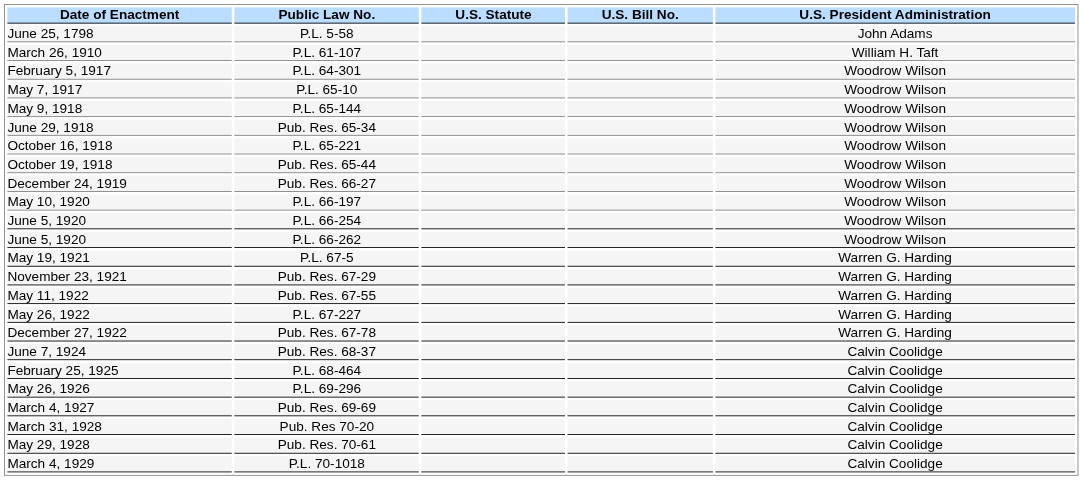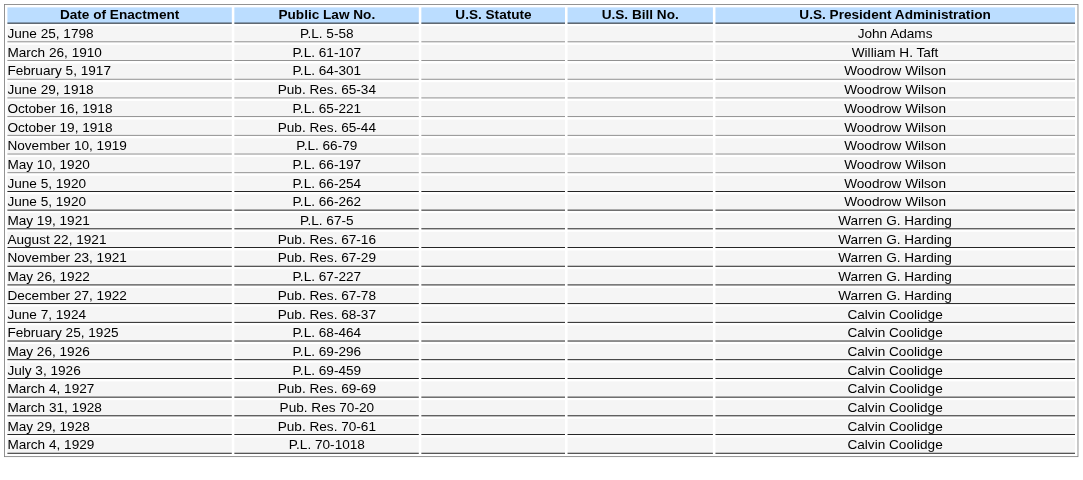 <table style="border:1px solid gray; align:left; width:100%" cellspacing=3 cellpadding=0>
 <tr style="font-weight:bold; text-align:center; background:#bbddff; color:black;">
 <th style=" border-bottom:1.5px solid black">Date of Enactment</th>
 <th style=" border-bottom:1.5px solid black">Public Law No.</th>
 <th style=" border-bottom:1.5px solid black">U.S. Statute</th>
 <th style=" border-bottom:1.5px solid black">U.S. Bill No.</th>
 <th style=" border-bottom:1.5px solid black">U.S. President Administration</th>
 </tr>
 <tr>
 <td style="border-bottom:1px solid gray; background:#F5F5F5;">June 25, 1798</td>
 <td style="border-bottom:1px solid gray; background:#F5F5F5; text-align:center;">P.L. 5-58</td>
 <td style="border-bottom:1px solid gray; background:#F5F5F5; text-align:center;"></td>
 <td style="border-bottom:1px solid gray; background:#F5F5F5; text-align:center;"></td>
 <td style="border-bottom:1px solid gray; background:#F5F5F5; text-align:center;">John Adams</td>
 </tr>
 <tr>
 <td style="border-bottom:1px solid gray; background:#F5F5F5;">March 26, 1910</td>
 <td style="border-bottom:1px solid gray; background:#F5F5F5; text-align:center;">P.L. 61-107</td>
 <td style="border-bottom:1px solid gray; background:#F5F5F5; text-align:center;"></td>
 <td style="border-bottom:1px solid gray; background:#F5F5F5; text-align:center;"></td>
 <td style="border-bottom:1px solid gray; background:#F5F5F5; text-align:center;">William H. Taft</td>
 </tr>
 <tr>
 <td style="border-bottom:1px solid gray; background:#F5F5F5;">February 5, 1917</td>
 <td style="border-bottom:1px solid gray; background:#F5F5F5; text-align:center;">P.L. 64-301</td>
 <td style="border-bottom:1px solid gray; background:#F5F5F5; text-align:center;"></td>
 <td style="border-bottom:1px solid gray; background:#F5F5F5; text-align:center;"></td>
 <td style="border-bottom:1px solid gray; background:#F5F5F5; text-align:center;">Woodrow Wilson</td>
 </tr>
 <tr>
-<td style="border-bottom:1px solid gray; background:#F5F5F5;">May 7, 1917</td>
-<td style="border-bottom:1px solid gray; background:#F5F5F5; text-align:center;">P.L. 65-10</td>
-<td style="border-bottom:1px solid gray; background:#F5F5F5; text-align:center;"></td>
-<td style="border-bottom:1px solid gray; background:#F5F5F5; text-align:center;"></td>
-<td style="border-bottom:1px solid gray; background:#F5F5F5; text-align:center;">Woodrow Wilson</td>
-</tr>
-<tr>
-<td style="border-bottom:1px solid gray; background:#F5F5F5;">May 9, 1918</td>
-<td style="border-bottom:1px solid gray; background:#F5F5F5; text-align:center;">P.L. 65-144</td>
-<td style="border-bottom:1px solid gray; background:#F5F5F5; text-align:center;"></td>
-<td style="border-bottom:1px solid gray; background:#F5F5F5; text-align:center;"></td>
-<td style="border-bottom:1px solid gray; background:#F5F5F5; text-align:center;">Woodrow Wilson</td>
-</tr>
-<tr>
 <td style="border-bottom:1px solid gray; background:#F5F5F5;">June 29, 1918</td>
 <td style="border-bottom:1px solid gray; background:#F5F5F5; text-align:center;">Pub. Res. 65-34</td>
 <td style="border-bottom:1px solid gray; background:#F5F5F5; text-align:center;"></td>
 <td style="border-bottom:1px solid gray; background:#F5F5F5; text-align:center;"></td>
 <td style="border-bottom:1px solid gray; background:#F5F5F5; text-align:center;">Woodrow Wilson</td>
 </tr>
 <tr>
 <td style="border-bottom:1px solid gray; background:#F5F5F5;">October 16, 1918</td>
 <td style="border-bottom:1px solid gray; background:#F5F5F5; text-align:center;">P.L. 65-221</td>
 <td style="border-bottom:1px solid gray; background:#F5F5F5; text-align:center;"></td>
 <td style="border-bottom:1px solid gray; background:#F5F5F5; text-align:center;"></td>
 <td style="border-bottom:1px solid gray; background:#F5F5F5; text-align:center;">Woodrow Wilson</td>
 </tr>
 <tr>
 <td style="border-bottom:1px solid gray; background:#F5F5F5;">October 19, 1918</td>
 <td style="border-bottom:1px solid gray; background:#F5F5F5; text-align:center;">Pub. Res. 65-44</td>
 <td style="border-bottom:1px solid gray; background:#F5F5F5; text-align:center;"></td>
 <td style="border-bottom:1px solid gray; background:#F5F5F5; text-align:center;"></td>
 <td style="border-bottom:1px solid gray; background:#F5F5F5; text-align:center;">Woodrow Wilson</td>
 </tr>
 <tr>
-<td style="border-bottom:1px solid gray; background:#F5F5F5;">December 24, 1919</td>
-<td style="border-bottom:1px solid gray; background:#F5F5F5; text-align:center;">Pub. Res. 66-27</td>
+<td style="border-bottom:1px solid gray; background:#F5F5F5;">November 10, 1919</td>
+<td style="border-bottom:1px solid gray; background:#F5F5F5; text-align:center;">P.L. 66-79</td>
 <td style="border-bottom:1px solid gray; background:#F5F5F5; text-align:center;"></td>
 <td style="border-bottom:1px solid gray; background:#F5F5F5; text-align:center;"></td>
 <td style="border-bottom:1px solid gray; background:#F5F5F5; text-align:center;">Woodrow Wilson</td>
 </tr>
 <tr>
 <td style="border-bottom:1px solid gray; background:#F5F5F5;">May 10, 1920</td>
 <td style="border-bottom:1px solid gray; background:#F5F5F5; text-align:center;">P.L. 66-197</td>
 <td style="border-bottom:1px solid gray; background:#F5F5F5; text-align:center;"></td>
 <td style="border-bottom:1px solid gray; background:#F5F5F5; text-align:center;"></td>
 <td style="border-bottom:1px solid gray; background:#F5F5F5; text-align:center;">Woodrow Wilson</td>
 </tr>
 <tr>
 <td style="border-bottom:1.5px solid black; background:#F5F5F5;">June 5, 1920</td>
 <td style="border-bottom:1.5px solid black; background:#F5F5F5; text-align:center;">P.L. 66-254</td>
 <td style="border-bottom:1.5px solid black; background:#F5F5F5; text-align:center;"></td>
 <td style="border-bottom:1.5px solid black; background:#F5F5F5; text-align:center;"></td>
 <td style="border-bottom:1.5px solid black; background:#F5F5F5; text-align:center;">Woodrow Wilson</td>
 </tr>
 <tr>
 <td style="border-bottom:1.5px solid black; background:#F5F5F5;">June 5, 1920</td>
 <td style="border-bottom:1.5px solid black; background:#F5F5F5; text-align:center;">P.L. 66-262</td>
 <td style="border-bottom:1.5px solid black; background:#F5F5F5; text-align:center;"></td>
 <td style="border-bottom:1.5px solid black; background:#F5F5F5; text-align:center;"></td>
 <td style="border-bottom:1.5px solid black; background:#F5F5F5; text-align:center;">Woodrow Wilson</td>
 </tr>
 <tr>
 <td style="border-bottom:1.5px solid black; background:#F5F5F5;">May 19, 1921</td>
 <td style="border-bottom:1.5px solid black; background:#F5F5F5; text-align:center;">P.L. 67-5</td>
 <td style="border-bottom:1.5px solid black; background:#F5F5F5; text-align:center;"></td>
 <td style="border-bottom:1.5px solid black; background:#F5F5F5; text-align:center;"></td>
 <td style="border-bottom:1.5px solid black; background:#F5F5F5; text-align:center;">Warren G. Harding</td>
 </tr>
 <tr>
-<td style="border-bottom:1.5px solid black; background:#F5F5F5;">November 23, 1921</td>
-<td style="border-bottom:1.5px solid black; background:#F5F5F5; text-align:center;">Pub. Res. 67-29</td>
+<td style="border-bottom:1.5px solid black; background:#F5F5F5;">August 22, 1921</td>
+<td style="border-bottom:1.5px solid black; background:#F5F5F5; text-align:center;">Pub. Res. 67-16</td>
 <td style="border-bottom:1.5px solid black; background:#F5F5F5; text-align:center;"></td>
 <td style="border-bottom:1.5px solid black; background:#F5F5F5; text-align:center;"></td>
 <td style="border-bottom:1.5px solid black; background:#F5F5F5; text-align:center;">Warren G. Harding</td>
 </tr>
 <tr>
-<td style="border-bottom:1.5px solid black; background:#F5F5F5;">May 11, 1922</td>
-<td style="border-bottom:1.5px solid black; background:#F5F5F5; text-align:center;">Pub. Res. 67-55</td>
+<td style="border-bottom:1.5px solid black; background:#F5F5F5;">November 23, 1921</td>
+<td style="border-bottom:1.5px solid black; background:#F5F5F5; text-align:center;">Pub. Res. 67-29</td>
 <td style="border-bottom:1.5px solid black; background:#F5F5F5; text-align:center;"></td>
 <td style="border-bottom:1.5px solid black; background:#F5F5F5; text-align:center;"></td>
 <td style="border-bottom:1.5px solid black; background:#F5F5F5; text-align:center;">Warren G. Harding</td>
 </tr>
 <tr>
 <td style="border-bottom:1.5px solid black; background:#F5F5F5;">May 26, 1922</td>
 <td style="border-bottom:1.5px solid black; background:#F5F5F5; text-align:center;">P.L. 67-227</td>
 <td style="border-bottom:1.5px solid black; background:#F5F5F5; text-align:center;"></td>
 <td style="border-bottom:1.5px solid black; background:#F5F5F5; text-align:center;"></td>
 <td style="border-bottom:1.5px solid black; background:#F5F5F5; text-align:center;">Warren G. Harding</td>
 </tr>
 <tr>
 <td style="border-bottom:1.5px solid black; background:#F5F5F5;">December 27, 1922</td>
 <td style="border-bottom:1.5px solid black; background:#F5F5F5; text-align:center;">Pub. Res. 67-78</td>
 <td style="border-bottom:1.5px solid black; background:#F5F5F5; text-align:center;"></td>
 <td style="border-bottom:1.5px solid black; background:#F5F5F5; text-align:center;"></td>
 <td style="border-bottom:1.5px solid black; background:#F5F5F5; text-align:center;">Warren G. Harding</td>
 </tr>
 <tr>
 <td style="border-bottom:1.5px solid black; background:#F5F5F5;">June 7, 1924</td>
 <td style="border-bottom:1.5px solid black; background:#F5F5F5; text-align:center;">Pub. Res. 68-37</td>
 <td style="border-bottom:1.5px solid black; background:#F5F5F5; text-align:center;"></td>
 <td style="border-bottom:1.5px solid black; background:#F5F5F5; text-align:center;"></td>
 <td style="border-bottom:1.5px solid black; background:#F5F5F5; text-align:center;">Calvin Coolidge</td>
 </tr>
 <tr>
 <td style="border-bottom:1.5px solid black; background:#F5F5F5;">February 25, 1925</td>
 <td style="border-bottom:1.5px solid black; background:#F5F5F5; text-align:center;">P.L. 68-464</td>
 <td style="border-bottom:1.5px solid black; background:#F5F5F5; text-align:center;"></td>
 <td style="border-bottom:1.5px solid black; background:#F5F5F5; text-align:center;"></td>
 <td style="border-bottom:1.5px solid black; background:#F5F5F5; text-align:center;">Calvin Coolidge</td>
 </tr>
 <tr>
 <td style="border-bottom:1.5px solid black; background:#F5F5F5;">May 26, 1926</td>
 <td style="border-bottom:1.5px solid black; background:#F5F5F5; text-align:center;">P.L. 69-296</td>
 <td style="border-bottom:1.5px solid black; background:#F5F5F5; text-align:center;"></td>
 <td style="border-bottom:1.5px solid black; background:#F5F5F5; text-align:center;"></td>
 <td style="border-bottom:1.5px solid black; background:#F5F5F5; text-align:center;">Calvin Coolidge</td>
 </tr>
 <tr>
+<td style="border-bottom:1.5px solid black; background:#F5F5F5;">July 3, 1926</td>
+<td style="border-bottom:1.5px solid black; background:#F5F5F5; text-align:center;">P.L. 69-459</td>
+<td style="border-bottom:1.5px solid black; background:#F5F5F5; text-align:center;"></td>
+<td style="border-bottom:1.5px solid black; background:#F5F5F5; text-align:center;"></td>
+<td style="border-bottom:1.5px solid black; background:#F5F5F5; text-align:center;">Calvin Coolidge</td>
+</tr>
+<tr>
 <td style="border-bottom:1.5px solid black; background:#F5F5F5;">March 4, 1927</td>
 <td style="border-bottom:1.5px solid black; background:#F5F5F5; text-align:center;">Pub. Res. 69-69</td>
 <td style="border-bottom:1.5px solid black; background:#F5F5F5; text-align:center;"></td>
 <td style="border-bottom:1.5px solid black; background:#F5F5F5; text-align:center;"></td>
 <td style="border-bottom:1.5px solid black; background:#F5F5F5; text-align:center;">Calvin Coolidge</td>
 </tr>
 <tr>
 <td style="border-bottom:1.5px solid black; background:#F5F5F5;">March 31, 1928</td>
 <td style="border-bottom:1.5px solid black; background:#F5F5F5; text-align:center;">Pub. Res 70-20</td>
 <td style="border-bottom:1.5px solid black; background:#F5F5F5; text-align:center;"></td>
 <td style="border-bottom:1.5px solid black; background:#F5F5F5; text-align:center;"></td>
 <td style="border-bottom:1.5px solid black; background:#F5F5F5; text-align:center;">Calvin Coolidge</td>
 </tr>
 <tr>
 <td style="border-bottom:1.5px solid black; background:#F5F5F5;">May 29, 1928</td>
 <td style="border-bottom:1.5px solid black; background:#F5F5F5; text-align:center;">Pub. Res. 70-61</td>
 <td style="border-bottom:1.5px solid black; background:#F5F5F5; text-align:center;"></td>
 <td style="border-bottom:1.5px solid black; background:#F5F5F5; text-align:center;"></td>
 <td style="border-bottom:1.5px solid black; background:#F5F5F5; text-align:center;">Calvin Coolidge</td>
 </tr>
 <tr>
 <td style="border-bottom:1.5px solid black; background:#F5F5F5;">March 4, 1929</td>
 <td style="border-bottom:1.5px solid black; background:#F5F5F5; text-align:center;">P.L. 70-1018</td>
 <td style="border-bottom:1.5px solid black; background:#F5F5F5; text-align:center;"></td>
 <td style="border-bottom:1.5px solid black; background:#F5F5F5; text-align:center;"></td>
 <td style="border-bottom:1.5px solid black; background:#F5F5F5; text-align:center;">Calvin Coolidge</td>
 </tr>
 </table>
